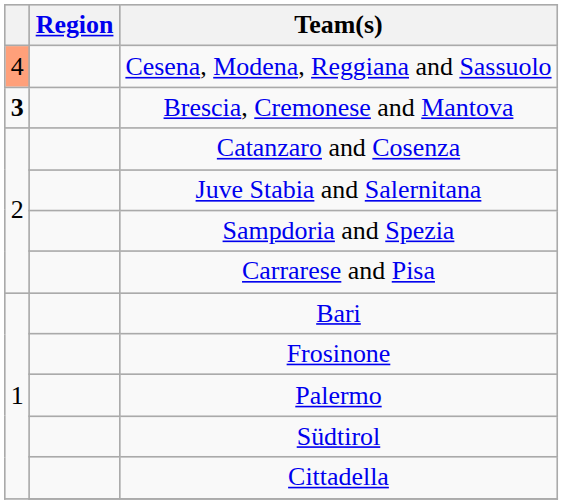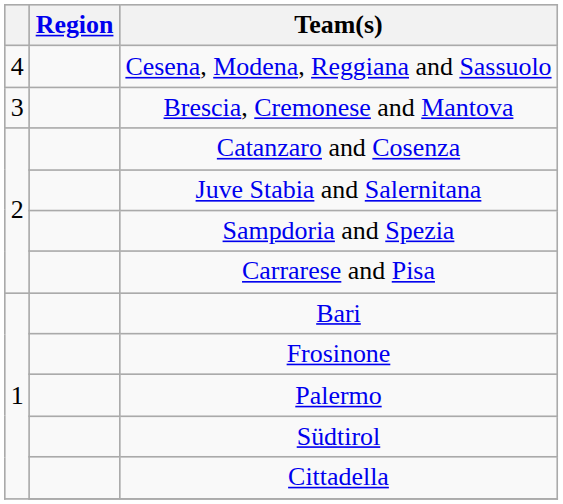 <table class="wikitable" style="text-align:center">
 <tr>
 <th></th>
 <th><a href='#'>Region</a></th>
 <th>Team(s)</th>
 </tr>
 <tr>
-<td rowspan= "1" style="background: lightsalmon;">4</td>
+<td rowspan= "1">4</td>
 <td align="left"></td>
 <td><a href='#'>Cesena</a>, <a href='#'>Modena</a>, <a href='#'>Reggiana</a> and <a href='#'>Sassuolo</a></td>
 </tr>
 <tr>
-<td rowspan= "1"><strong>3</strong></td>
+<td rowspan= "1">3</td>
 <td align="left"></td>
 <td><a href='#'>Brescia</a>, <a href='#'>Cremonese</a> and <a href='#'>Mantova</a></td>
 </tr>
 <tr>
 <td rowspan= "4">2</td>
 <td align="left"></td>
 <td><a href='#'>Catanzaro</a> and <a href='#'>Cosenza</a></td>
 </tr>
 <tr>
 <td align="left"></td>
 <td><a href='#'>Juve Stabia</a> and <a href='#'>Salernitana</a></td>
 </tr>
 <tr>
 <td align="left"></td>
 <td><a href='#'>Sampdoria</a> and <a href='#'>Spezia</a></td>
 </tr>
 <tr>
 <td align="left"></td>
 <td><a href='#'>Carrarese</a> and <a href='#'>Pisa</a></td>
 </tr>
 <tr>
 <td rowspan= "6">1</td>
 <td align="left"></td>
 <td><a href='#'>Bari</a></td>
 </tr>
 <tr>
 <td align="left"></td>
 <td><a href='#'>Frosinone</a></td>
 </tr>
 <tr>
 <td align="left"></td>
 <td><a href='#'>Palermo</a></td>
 </tr>
 <tr>
 <td align="left"></td>
 <td><a href='#'>Südtirol</a></td>
 </tr>
 <tr>
 <td align="left"></td>
 <td><a href='#'>Cittadella</a></td>
 </tr>
 <tr>
 </tr>
 </table>
